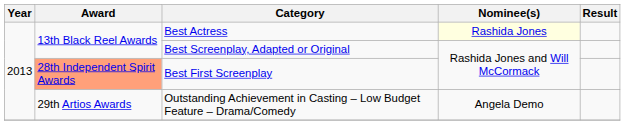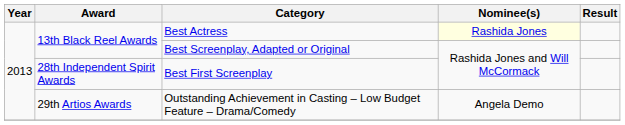 <table class="wikitable">
 <tr>
 <th>Year</th>
 <th>Award</th>
 <th>Category</th>
 <th>Nominee(s)</th>
 <th>Result</th>
 </tr>
 <tr>
 <td rowspan="4">2013</td>
 <td rowspan="2"><a href='#'>13th Black Reel Awards</a></td>
 <td><a href='#'>Best Actress</a></td>
 <td style="background: lightyellow; text-align:center;"><a href='#'>Rashida Jones</a></td>
 <td></td>
 </tr>
 <tr>
 <td><a href='#'>Best Screenplay, Adapted or Original</a></td>
 <td rowspan="2" style="text-align:center;">Rashida Jones and <a href='#'>Will McCormack</a></td>
 <td></td>
 </tr>
 <tr>
-<td style="background: lightsalmon;"><a href='#'>28th Independent Spirit Awards</a></td>
+<td><a href='#'>28th Independent Spirit Awards</a></td>
 <td><a href='#'>Best First Screenplay</a></td>
 <td></td>
 </tr>
 <tr>
 <td>29th <a href='#'>Artios Awards</a></td>
 <td>Outstanding Achievement in Casting – Low Budget Feature – Drama/Comedy</td>
 <td style="text-align:center;">Angela Demo</td>
 <td></td>
 </tr>
 <tr>
 </tr>
 </table>
